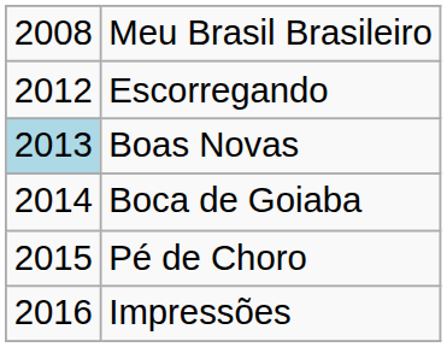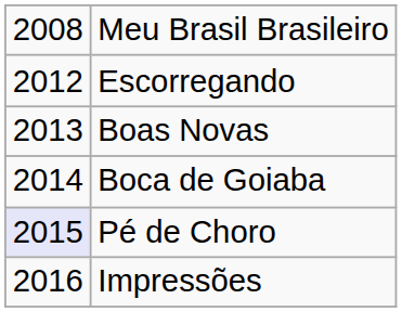 <table class="wikitable">
 <tr>
 <td>2008</td>
 <td>Meu Brasil Brasileiro</td>
 </tr>
 <tr>
 <td>2012</td>
 <td>Escorregando</td>
 </tr>
 <tr>
-<td style="background: lightblue;">2013</td>
+<td>2013</td>
 <td>Boas Novas</td>
 </tr>
 <tr>
 <td>2014</td>
 <td>Boca de Goiaba</td>
 </tr>
 <tr>
-<td>2015</td>
+<td style="background: lavender;">2015</td>
 <td>Pé de Choro</td>
 </tr>
 <tr>
 <td>2016</td>
 <td>Impressões</td>
 </tr>
 </table>
